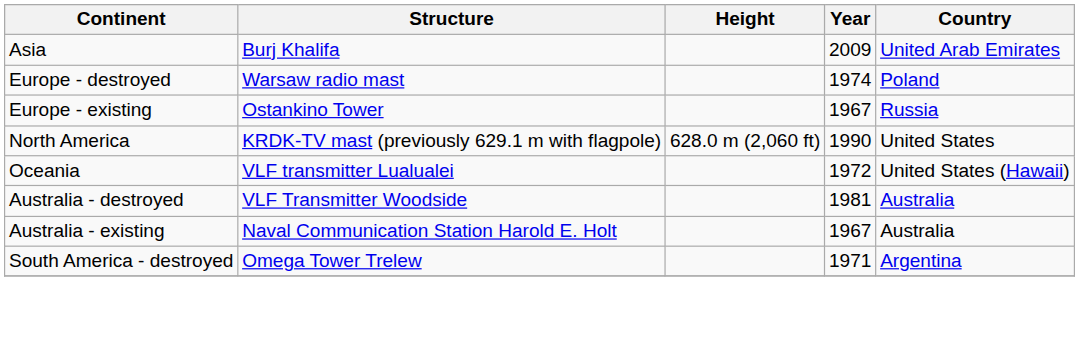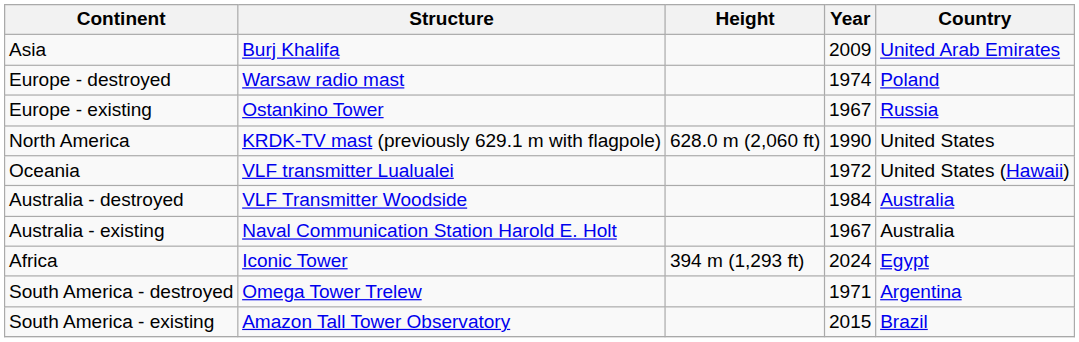 <table class="wikitable sortable sticky-header" font=90%">
 <tr style="background-color:#cccccc">
 <th>Continent</th>
 <th>Structure</th>
 <th>Height</th>
 <th>Year</th>
 <th>Country</th>
 </tr>
 <tr>
 <td>Asia</td>
 <td><a href='#'>Burj Khalifa</a></td>
 <td></td>
 <td>2009</td>
 <td><a href='#'>United Arab Emirates</a></td>
 </tr>
 <tr>
 <td>Europe - destroyed</td>
 <td><a href='#'>Warsaw radio mast</a></td>
 <td></td>
 <td>1974</td>
 <td><a href='#'>Poland</a></td>
 </tr>
 <tr>
 <td>Europe - existing</td>
 <td><a href='#'>Ostankino Tower</a></td>
 <td></td>
 <td>1967</td>
 <td><a href='#'>Russia</a></td>
 </tr>
 <tr>
 <td>North America</td>
 <td><a href='#'>KRDK-TV mast</a> (previously 629.1 m with flagpole)</td>
 <td>628.0 m (2,060 ft)</td>
 <td>1990</td>
 <td>United States</td>
 </tr>
 <tr>
 <td>Oceania</td>
 <td><a href='#'>VLF transmitter Lualualei</a></td>
 <td></td>
 <td>1972</td>
 <td>United States (<a href='#'>Hawaii</a>)</td>
 </tr>
 <tr>
 <td>Australia - destroyed</td>
 <td><a href='#'>VLF Transmitter Woodside</a></td>
 <td></td>
-<td>1981</td>
+<td>1984</td>
 <td><a href='#'>Australia</a></td>
 </tr>
 <tr>
 <td>Australia - existing</td>
 <td><a href='#'>Naval Communication Station Harold E. Holt</a></td>
 <td></td>
 <td>1967</td>
 <td>Australia</td>
 </tr>
 <tr>
+<td>Africa</td>
+<td><a href='#'>Iconic Tower</a></td>
+<td>394 m (1,293 ft)</td>
+<td>2024</td>
+<td><a href='#'>Egypt</a></td>
+</tr>
+<tr>
 <td>South America - destroyed</td>
 <td><a href='#'>Omega Tower Trelew</a></td>
 <td></td>
 <td>1971</td>
 <td><a href='#'>Argentina</a></td>
 </tr>
 <tr>
+<td>South America - existing</td>
+<td><a href='#'>Amazon Tall Tower Observatory</a></td>
+<td></td>
+<td>2015</td>
+<td><a href='#'>Brazil</a></td>
+</tr>
+<tr>
 </tr>
 </table>
